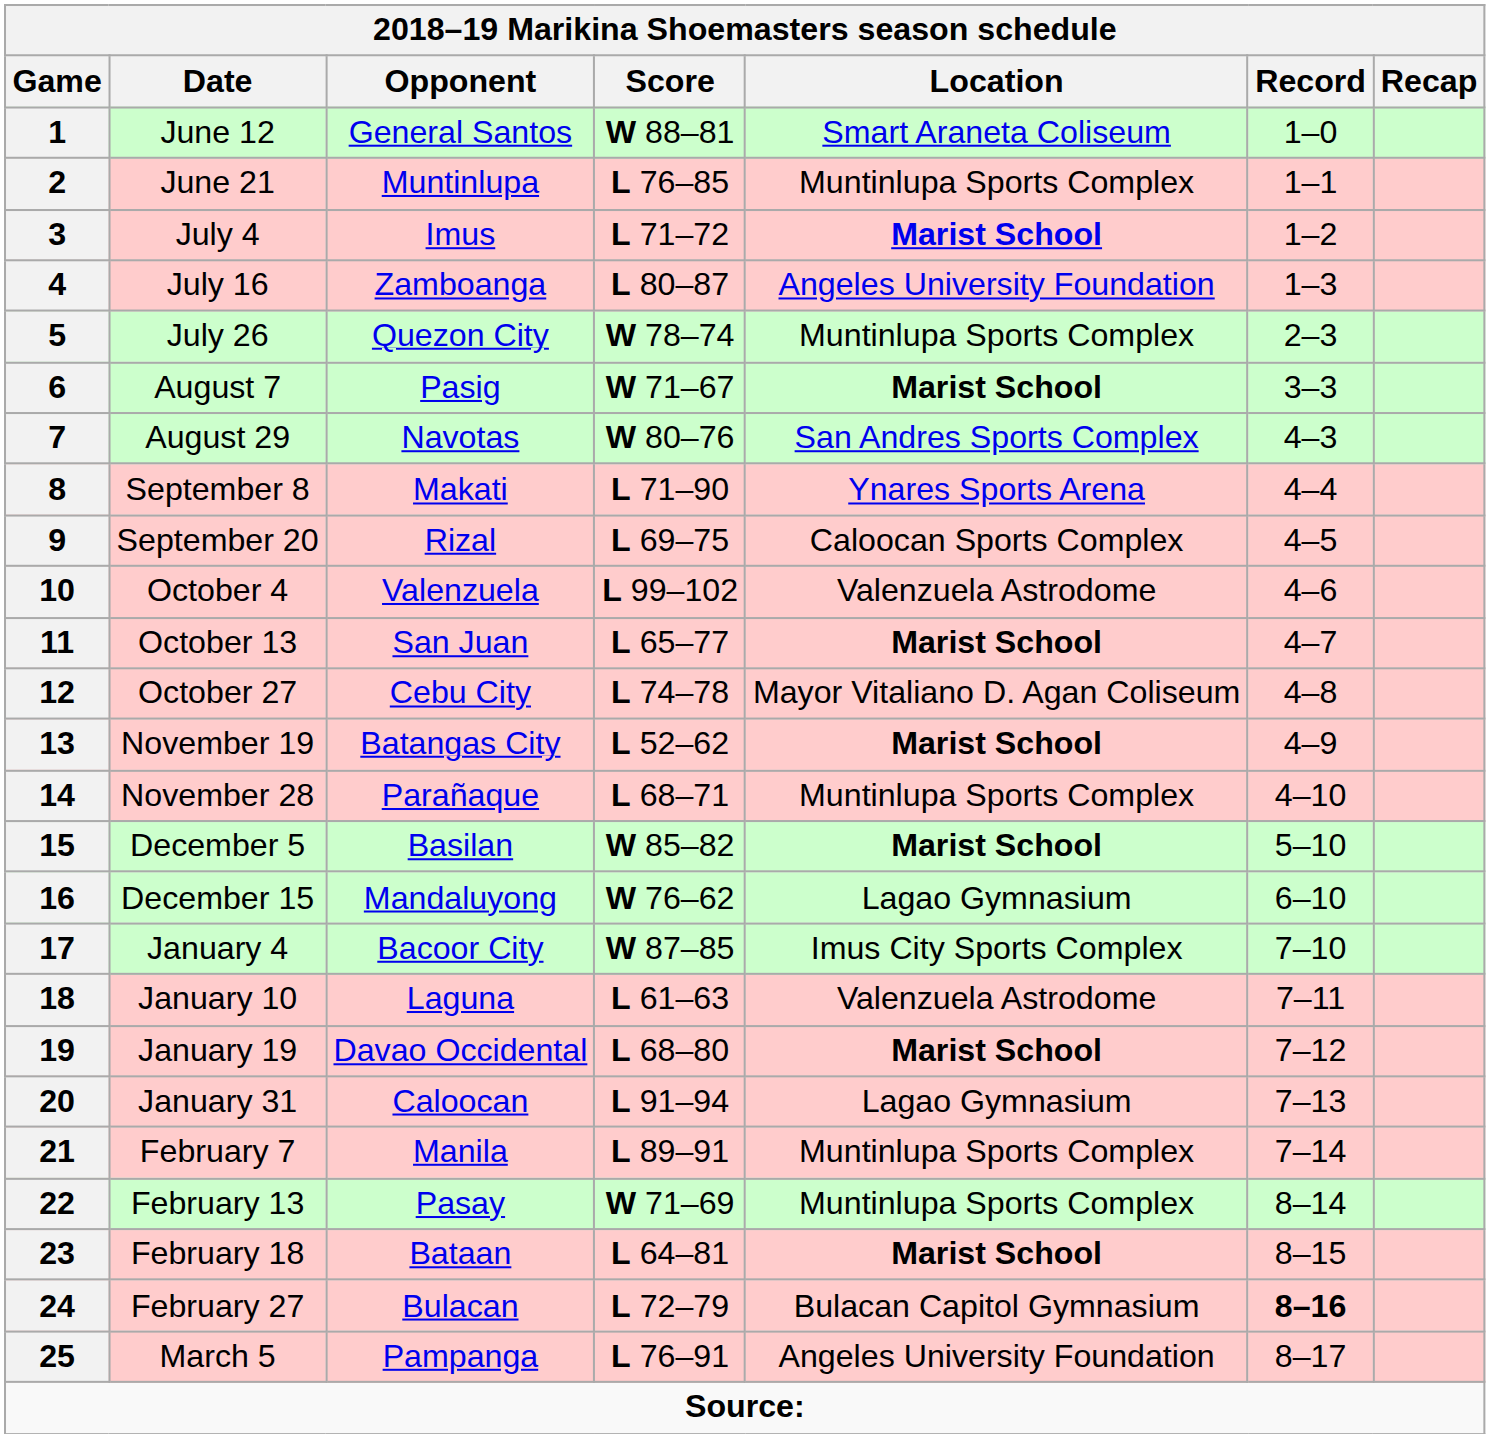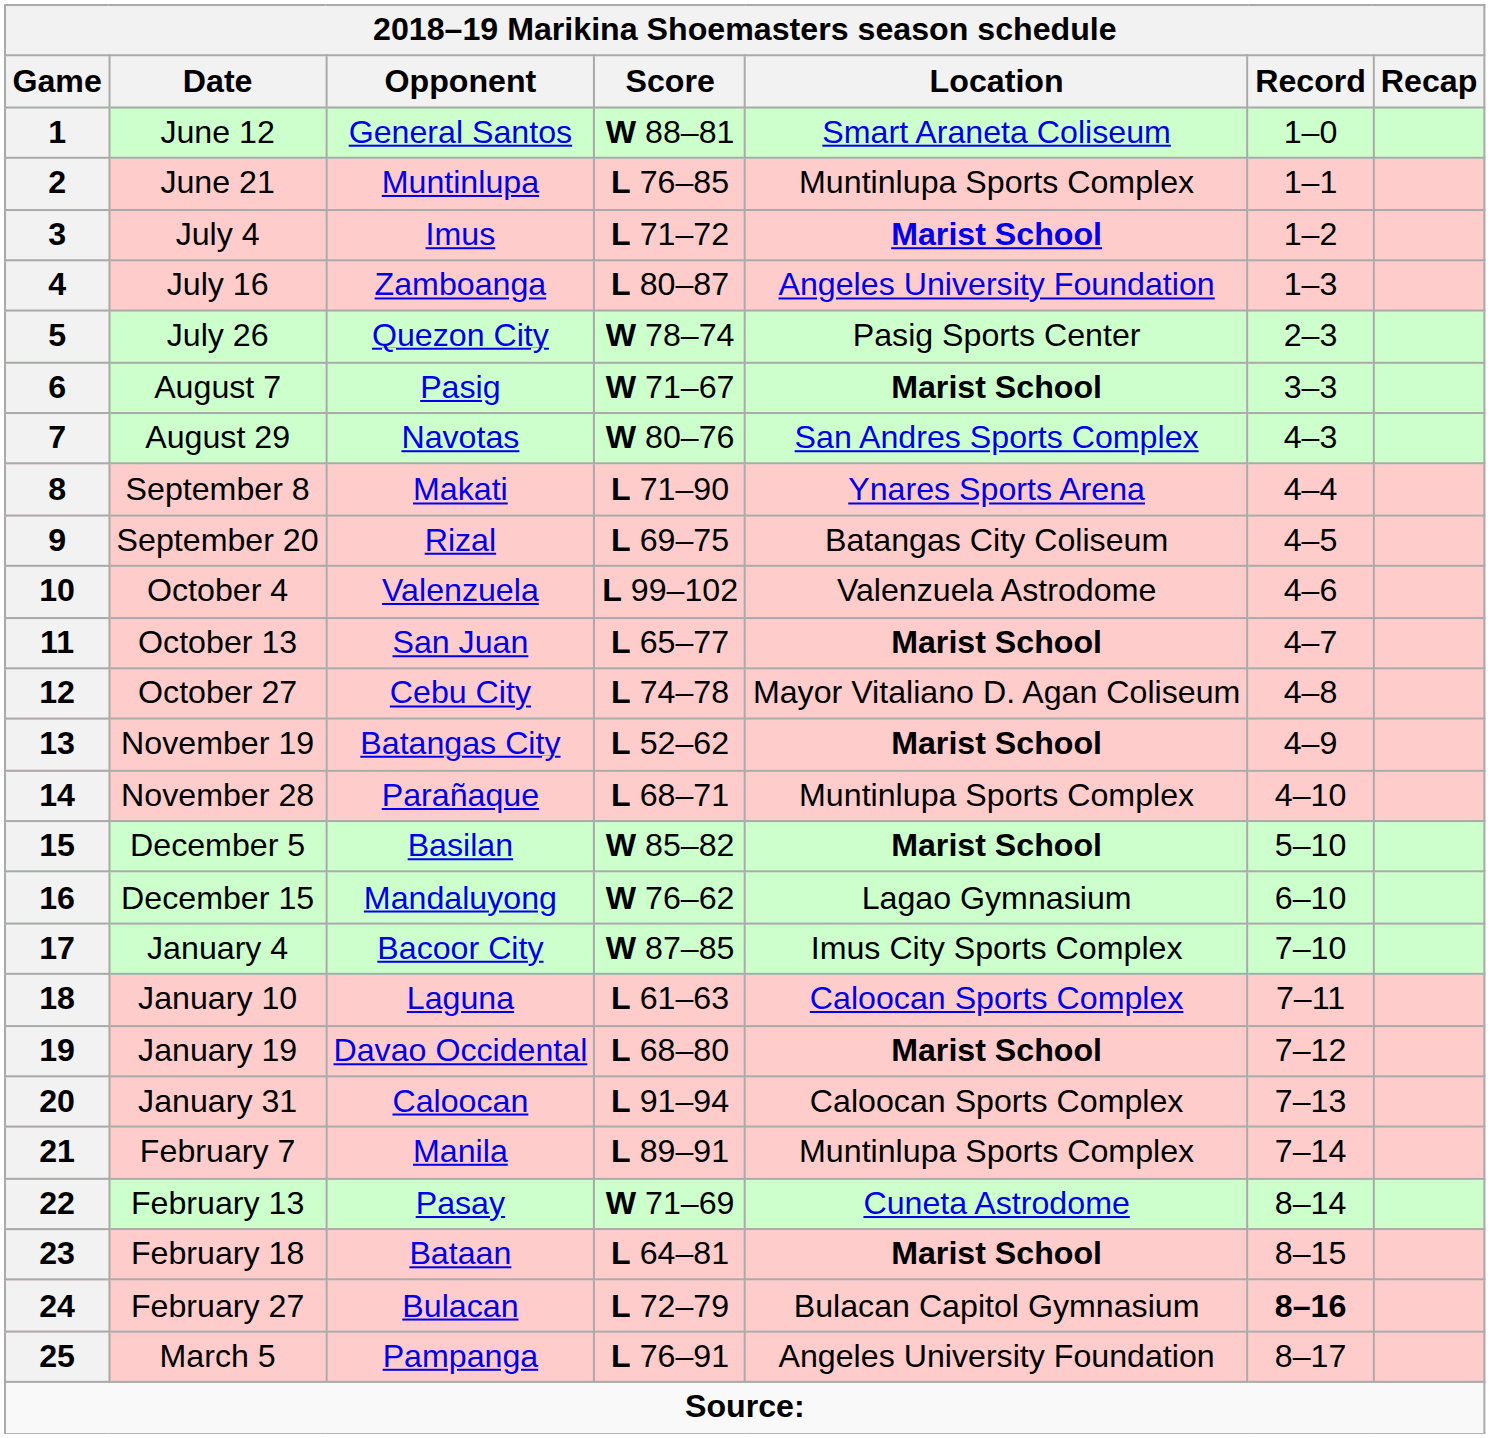 <table class="wikitable" style="text-align:center">
 <tr>
 <th colspan=7>2018–19 Marikina Shoemasters season schedule</th>
 </tr>
 <tr>
 <th>Game</th>
 <th>Date</th>
 <th>Opponent</th>
 <th>Score</th>
 <th>Location</th>
 <th>Record</th>
 <th>Recap<br></th>
 </tr>
 <tr style="background:#cfc">
 <th>1</th>
 <td>June 12</td>
 <td><a href='#'>General Santos</a></td>
 <td><strong>W</strong> 88–81</td>
 <td><a href='#'>Smart Araneta Coliseum</a></td>
 <td>1–0</td>
 <td></td>
 </tr>
 <tr style="background:#fcc">
 <th>2</th>
 <td>June 21</td>
 <td><a href='#'>Muntinlupa</a></td>
 <td><strong>L</strong> 76–85</td>
 <td>Muntinlupa Sports Complex</td>
 <td>1–1</td>
 <td></td>
 </tr>
 <tr style="background:#fcc">
 <th>3</th>
 <td>July 4</td>
 <td><a href='#'>Imus</a></td>
 <td><strong>L</strong> 71–72</td>
 <td><strong><a href='#'>Marist School</a></strong></td>
 <td>1–2</td>
 <td></td>
 </tr>
 <tr style="background:#fcc">
 <th>4</th>
 <td>July 16</td>
 <td><a href='#'>Zamboanga</a></td>
 <td><strong>L</strong> 80–87</td>
 <td><a href='#'>Angeles University Foundation</a></td>
 <td>1–3</td>
 <td></td>
 </tr>
 <tr style="background:#cfc">
 <th>5</th>
 <td>July 26</td>
 <td><a href='#'>Quezon City</a></td>
 <td><strong>W</strong> 78–74</td>
-<td>Muntinlupa Sports Complex</td>
+<td>Pasig Sports Center</td>
 <td>2–3</td>
 <td></td>
 </tr>
 <tr style="background:#cfc">
 <th>6</th>
 <td>August 7</td>
 <td><a href='#'>Pasig</a></td>
 <td><strong>W</strong> 71–67</td>
 <td><strong>Marist School</strong></td>
 <td>3–3</td>
 <td></td>
 </tr>
 <tr style="background:#cfc">
 <th>7</th>
 <td>August 29</td>
 <td><a href='#'>Navotas</a></td>
 <td><strong>W</strong> 80–76</td>
 <td><a href='#'>San Andres Sports Complex</a></td>
 <td>4–3</td>
 <td></td>
 </tr>
 <tr style="background:#fcc">
 <th>8</th>
 <td>September 8</td>
 <td><a href='#'>Makati</a></td>
 <td><strong>L</strong> 71–90</td>
 <td><a href='#'>Ynares Sports Arena</a></td>
 <td>4–4</td>
 <td></td>
 </tr>
 <tr style="background:#fcc">
 <th>9</th>
 <td>September 20</td>
 <td><a href='#'>Rizal</a></td>
 <td><strong>L</strong> 69–75</td>
-<td>Caloocan Sports Complex</td>
+<td>Batangas City Coliseum</td>
 <td>4–5</td>
 <td><br></td>
 </tr>
 <tr style="background:#fcc">
 <th>10</th>
 <td>October 4</td>
 <td><a href='#'>Valenzuela</a></td>
 <td><strong>L</strong> 99–102 </td>
 <td>Valenzuela Astrodome</td>
 <td>4–6</td>
 <td></td>
 </tr>
 <tr style="background:#fcc">
 <th>11</th>
 <td>October 13</td>
 <td><a href='#'>San Juan</a></td>
 <td><strong>L</strong> 65–77</td>
 <td><strong>Marist School</strong></td>
 <td>4–7</td>
 <td></td>
 </tr>
 <tr style="background:#fcc">
 <th>12</th>
 <td>October 27</td>
 <td><a href='#'>Cebu City</a></td>
 <td><strong>L</strong> 74–78</td>
 <td>Mayor Vitaliano D. Agan Coliseum</td>
 <td>4–8</td>
 <td></td>
 </tr>
 <tr style="background:#fcc">
 <th>13</th>
 <td>November 19</td>
 <td><a href='#'>Batangas City</a></td>
 <td><strong>L</strong> 52–62</td>
 <td><strong>Marist School</strong></td>
 <td>4–9</td>
 <td></td>
 </tr>
 <tr style="background:#fcc">
 <th>14</th>
 <td>November 28</td>
 <td><a href='#'>Parañaque</a></td>
 <td><strong>L</strong> 68–71</td>
 <td>Muntinlupa Sports Complex</td>
 <td>4–10</td>
 <td></td>
 </tr>
 <tr style="background:#cfc">
 <th>15</th>
 <td>December 5</td>
 <td><a href='#'>Basilan</a></td>
 <td><strong>W</strong> 85–82</td>
 <td><strong>Marist School</strong></td>
 <td>5–10</td>
 <td></td>
 </tr>
 <tr style="background:#cfc">
 <th>16</th>
 <td>December 15</td>
 <td><a href='#'>Mandaluyong</a></td>
 <td><strong>W</strong> 76–62</td>
 <td>Lagao Gymnasium</td>
 <td>6–10</td>
 <td><br></td>
 </tr>
 <tr style="background:#cfc">
 <th>17</th>
 <td>January 4</td>
 <td><a href='#'>Bacoor City</a></td>
 <td><strong>W</strong> 87–85</td>
 <td>Imus City Sports Complex</td>
 <td>7–10</td>
 <td></td>
 </tr>
 <tr style="background:#fcc">
 <th>18</th>
 <td>January 10</td>
 <td><a href='#'>Laguna</a></td>
 <td><strong>L</strong> 61–63</td>
-<td>Valenzuela Astrodome</td>
+<td><a href='#'>Caloocan Sports Complex</a></td>
 <td>7–11</td>
 <td></td>
 </tr>
 <tr style="background:#fcc">
 <th>19</th>
 <td>January 19</td>
 <td><a href='#'>Davao Occidental</a></td>
 <td><strong>L</strong> 68–80</td>
 <td><strong>Marist School</strong></td>
 <td>7–12</td>
 <td></td>
 </tr>
 <tr style="background:#fcc">
 <th>20</th>
 <td>January 31</td>
 <td><a href='#'>Caloocan</a></td>
 <td><strong>L</strong> 91–94</td>
-<td>Lagao Gymnasium</td>
+<td>Caloocan Sports Complex</td>
 <td>7–13</td>
 <td></td>
 </tr>
 <tr style="background:#fcc">
 <th>21</th>
 <td>February 7</td>
 <td><a href='#'>Manila</a></td>
 <td><strong>L</strong> 89–91</td>
 <td>Muntinlupa Sports Complex</td>
 <td>7–14</td>
 <td></td>
 </tr>
 <tr style="background:#cfc">
 <th>22</th>
 <td>February 13</td>
 <td><a href='#'>Pasay</a></td>
 <td><strong>W</strong> 71–69</td>
-<td>Muntinlupa Sports Complex</td>
+<td><a href='#'>Cuneta Astrodome</a></td>
 <td>8–14</td>
 <td></td>
 </tr>
 <tr style="background:#fcc">
 <th>23</th>
 <td>February 18</td>
 <td><a href='#'>Bataan</a></td>
 <td><strong>L</strong> 64–81</td>
 <td><strong>Marist School</strong></td>
 <td>8–15</td>
 <td></td>
 </tr>
 <tr style="background:#fcc">
 <th>24</th>
 <td>February 27</td>
 <td><a href='#'>Bulacan</a></td>
 <td><strong>L</strong> 72–79</td>
 <td>Bulacan Capitol Gymnasium</td>
 <td><strong>8–16</strong></td>
 <td></td>
 </tr>
 <tr style="background:#fcc">
 <th>25</th>
 <td>March 5</td>
 <td><a href='#'>Pampanga</a></td>
 <td><strong>L</strong> 76–91</td>
 <td>Angeles University Foundation</td>
 <td>8–17</td>
 <td></td>
 </tr>
 <tr>
 <td colspan=7 align=center><strong>Source: </strong></td>
 </tr>
 </table>
